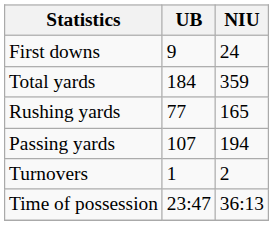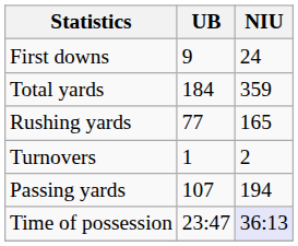 <table class="wikitable" style="float: left;">
 <tr>
 <th>Statistics</th>
 <th>UB</th>
 <th>NIU</th>
 </tr>
 <tr>
 <td>First downs</td>
 <td>9</td>
 <td>24</td>
 </tr>
 <tr>
 <td>Total yards</td>
 <td>184</td>
 <td>359</td>
 </tr>
 <tr>
 <td>Rushing yards</td>
 <td>77</td>
 <td>165</td>
 </tr>
 <tr>
+<td>Turnovers</td>
+<td>1</td>
+<td>2</td>
+</tr>
+<tr>
 <td>Passing yards</td>
 <td>107</td>
 <td>194</td>
 </tr>
 <tr>
-<td>Turnovers</td>
-<td>1</td>
-<td>2</td>
-</tr>
-<tr>
 <td>Time of possession</td>
 <td>23:47</td>
-<td>36:13</td>
+<td style="background: lavender;">36:13</td>
 </tr>
 <tr>
 </tr>
 </table>
